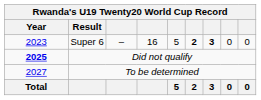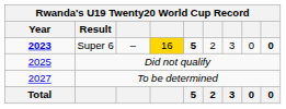 <table class="wikitable" style="font-size:90%; text-align:center">
 <tr>
 <th colspan=9>Rwanda's U19 Twenty20 World Cup Record</th>
 </tr>
 <tr>
 <th width="90">Year</th>
 <th>Result</th>
 <th width="40"></th>
 <th width="40"></th>
 <th width="20"></th>
 <th width="20"></th>
 <th width="20"></th>
 <th width="20"></th>
 <th width="20"></th>
 </tr>
 <tr>
-<td> <a href='#'>2023</a></td>
+<td><strong> <a href='#'>2023</a></strong></td>
 <td>Super 6</td>
 <td>–</td>
-<td>16</td>
-<td>5</td>
-<td><strong>2</strong></td>
-<td><strong>3</strong></td>
+<td style="background: gold;">16</td>
+<td><strong>5</strong></td>
+<td>2</td>
+<td>3</td>
 <td>0</td>
-<td>0</td>
+<td><strong>0</strong></td>
 </tr>
 <tr>
-<td><strong> <a href='#'>2025</a></strong></td>
+<td> <a href='#'>2025</a></td>
 <td colspan="8"><em>Did not qualify</em></td>
 </tr>
 <tr>
 <td> <a href='#'>2027</a></td>
 <td colspan="8"><em>To be determined</em></td>
 </tr>
 <tr>
 <th>Total</th>
 <th></th>
 <th></th>
 <th></th>
 <th>5</th>
 <th>2</th>
 <th>3</th>
 <th>0</th>
 <th>0</th>
 </tr>
 </table>
